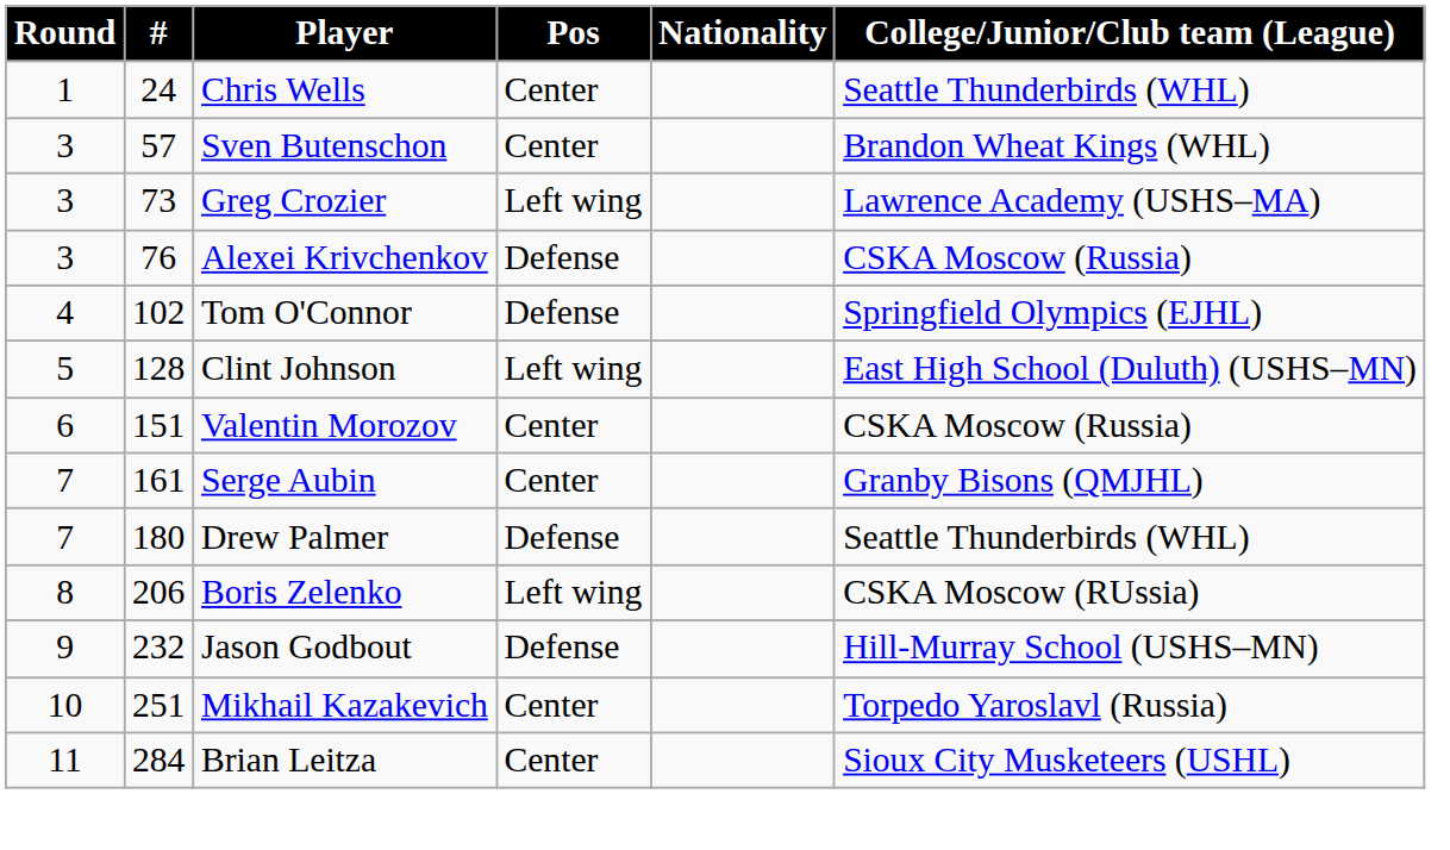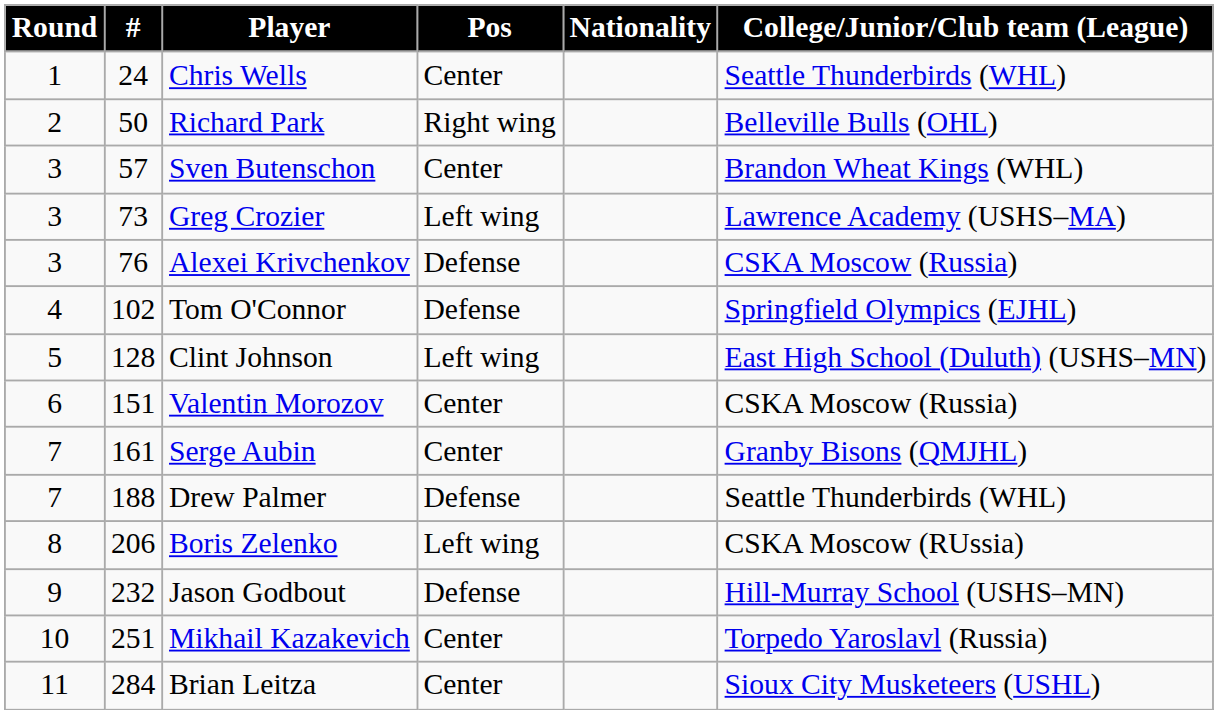 <table class="wikitable">
 <tr>
 <th style="color:white; background:#000000; ">Round</th>
 <th style="color:white; background:#000000; ">#</th>
 <th style="color:white; background:#000000; ">Player</th>
 <th style="color:white; background:#000000; ">Pos</th>
 <th style="color:white; background:#000000; ">Nationality</th>
 <th style="color:white; background:#000000; ">College/Junior/Club team (League)</th>
 </tr>
 <tr>
 <td style="text-align:center">1</td>
 <td style="text-align:center">24</td>
 <td><a href='#'>Chris Wells</a></td>
 <td>Center</td>
 <td></td>
 <td><a href='#'>Seattle Thunderbirds</a> (<a href='#'>WHL</a>)</td>
+</tr>
+<tr>
+<td style="text-align:center">2</td>
+<td style="text-align:center">50</td>
+<td><a href='#'>Richard Park</a></td>
+<td>Right wing</td>
+<td></td>
+<td><a href='#'>Belleville Bulls</a> (<a href='#'>OHL</a>)</td>
 </tr>
 <tr>
 <td style="text-align:center">3</td>
 <td style="text-align:center">57</td>
 <td><a href='#'>Sven Butenschon</a></td>
 <td>Center</td>
 <td></td>
 <td><a href='#'>Brandon Wheat Kings</a> (WHL)</td>
 </tr>
 <tr>
 <td style="text-align:center">3</td>
 <td style="text-align:center">73</td>
 <td><a href='#'>Greg Crozier</a></td>
 <td>Left wing</td>
 <td></td>
 <td><a href='#'>Lawrence Academy</a> (USHS–<a href='#'>MA</a>)</td>
 </tr>
 <tr>
 <td style="text-align:center">3</td>
 <td style="text-align:center">76</td>
 <td><a href='#'>Alexei Krivchenkov</a></td>
 <td>Defense</td>
 <td></td>
 <td><a href='#'>CSKA Moscow</a> (<a href='#'>Russia</a>)</td>
 </tr>
 <tr>
 <td style="text-align:center">4</td>
 <td style="text-align:center">102</td>
 <td>Tom O'Connor</td>
 <td>Defense</td>
 <td></td>
 <td><a href='#'>Springfield Olympics</a> (<a href='#'>EJHL</a>)</td>
 </tr>
 <tr>
 <td style="text-align:center">5</td>
 <td style="text-align:center">128</td>
 <td>Clint Johnson</td>
 <td>Left wing</td>
 <td></td>
 <td><a href='#'>East High School (Duluth)</a> (USHS–<a href='#'>MN</a>)</td>
 </tr>
 <tr>
 <td style="text-align:center">6</td>
 <td style="text-align:center">151</td>
 <td><a href='#'>Valentin Morozov</a></td>
 <td>Center</td>
 <td></td>
 <td>CSKA Moscow (Russia)</td>
 </tr>
 <tr>
 <td style="text-align:center">7</td>
 <td style="text-align:center">161</td>
 <td><a href='#'>Serge Aubin</a></td>
 <td>Center</td>
 <td></td>
 <td><a href='#'>Granby Bisons</a> (<a href='#'>QMJHL</a>)</td>
 </tr>
 <tr>
 <td style="text-align:center">7</td>
-<td style="text-align:center">180</td>
+<td style="text-align:center">188</td>
 <td>Drew Palmer</td>
 <td>Defense</td>
 <td></td>
 <td>Seattle Thunderbirds (WHL)</td>
 </tr>
 <tr>
 <td style="text-align:center">8</td>
 <td style="text-align:center">206</td>
 <td><a href='#'>Boris Zelenko</a></td>
 <td>Left wing</td>
 <td></td>
 <td>CSKA Moscow (RUssia)</td>
 </tr>
 <tr>
 <td style="text-align:center">9</td>
 <td style="text-align:center">232</td>
 <td>Jason Godbout</td>
 <td>Defense</td>
 <td></td>
 <td><a href='#'>Hill-Murray School</a> (USHS–MN)</td>
 </tr>
 <tr>
 <td style="text-align:center">10</td>
 <td style="text-align:center">251</td>
 <td><a href='#'>Mikhail Kazakevich</a></td>
 <td>Center</td>
 <td></td>
 <td><a href='#'>Torpedo Yaroslavl</a> (Russia)</td>
 </tr>
 <tr>
 <td style="text-align:center">11</td>
 <td style="text-align:center">284</td>
 <td>Brian Leitza</td>
 <td>Center</td>
 <td></td>
 <td><a href='#'>Sioux City Musketeers</a> (<a href='#'>USHL</a>)</td>
 </tr>
 </table>
